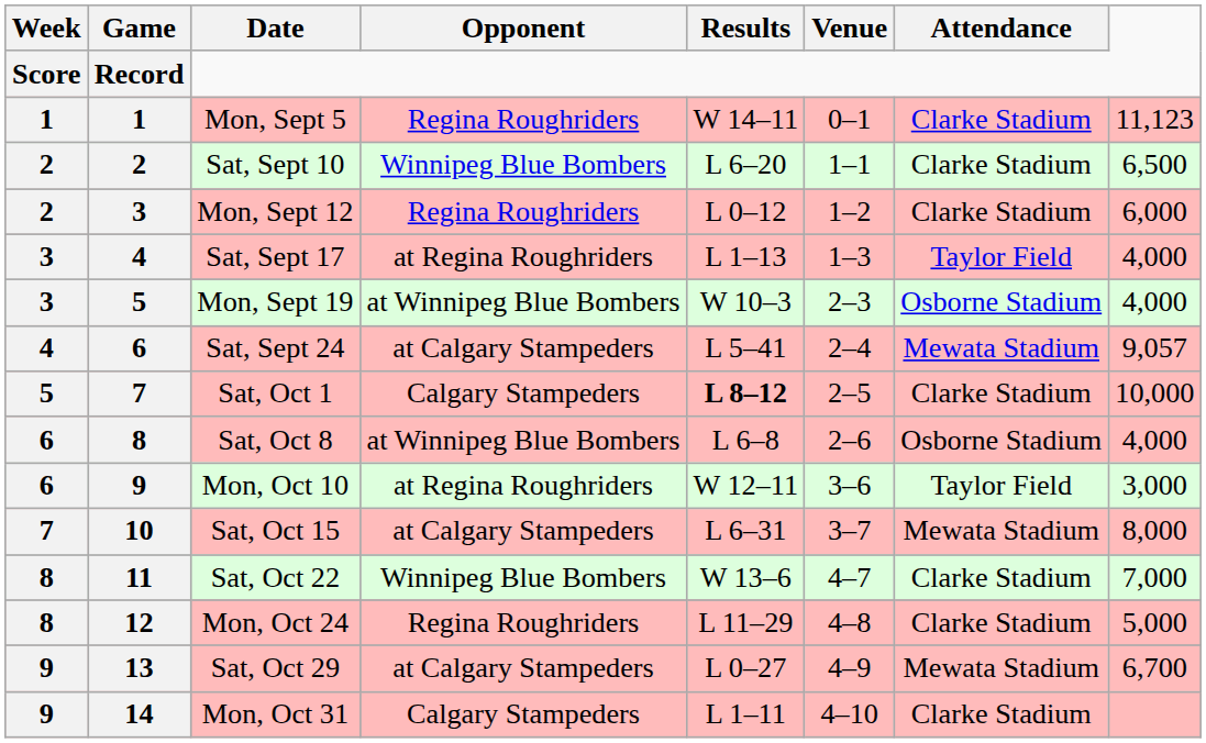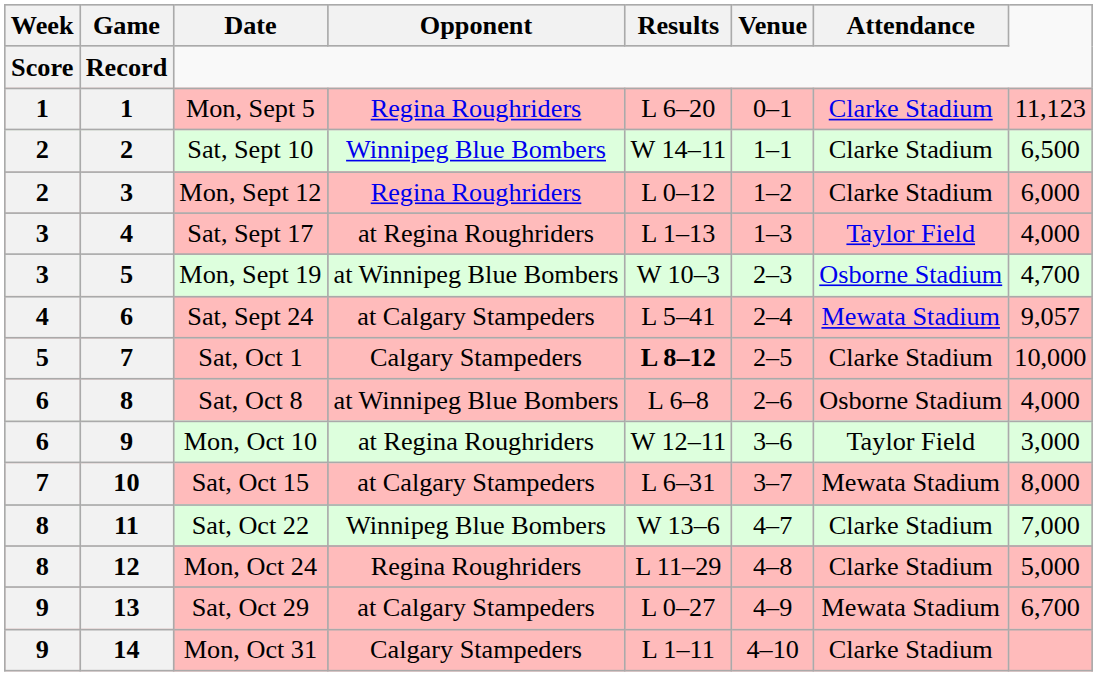 <table class="wikitable" style="text-align:center">
 <tr>
 <th>Week</th>
 <th>Game</th>
 <th>Date</th>
 <th>Opponent</th>
 <th>Results</th>
 <th>Venue</th>
 <th>Attendance</th>
 </tr>
 <tr>
 <th>Score</th>
 <th>Record</th>
 </tr>
 <tr style="background:#ffbbbb">
 <th>1</th>
 <th>1</th>
 <td>Mon, Sept 5</td>
 <td><a href='#'>Regina Roughriders</a></td>
-<td>W 14–11</td>
+<td>L 6–20</td>
 <td>0–1</td>
 <td><a href='#'>Clarke Stadium</a></td>
 <td>11,123</td>
 </tr>
 <tr style="background:#ddffdd">
 <th>2</th>
 <th>2</th>
 <td>Sat, Sept 10</td>
 <td><a href='#'>Winnipeg Blue Bombers</a></td>
-<td>L 6–20</td>
+<td>W 14–11</td>
 <td>1–1</td>
 <td>Clarke Stadium</td>
 <td>6,500</td>
 </tr>
 <tr style="background:#ffbbbb">
 <th>2</th>
 <th>3</th>
 <td>Mon, Sept 12</td>
 <td><a href='#'>Regina Roughriders</a></td>
 <td>L 0–12</td>
 <td>1–2</td>
 <td>Clarke Stadium</td>
 <td>6,000</td>
 </tr>
 <tr style="background:#ffbbbb">
 <th>3</th>
 <th>4</th>
 <td>Sat, Sept 17</td>
 <td>at Regina Roughriders</td>
 <td>L 1–13</td>
 <td>1–3</td>
 <td><a href='#'>Taylor Field</a></td>
 <td>4,000</td>
 </tr>
 <tr style="background:#ddffdd">
 <th>3</th>
 <th>5</th>
 <td>Mon, Sept 19</td>
 <td>at Winnipeg Blue Bombers</td>
 <td>W 10–3</td>
 <td>2–3</td>
 <td><a href='#'>Osborne Stadium</a></td>
-<td>4,000</td>
+<td>4,700</td>
 </tr>
 <tr style="background:#ffbbbb">
 <th>4</th>
 <th>6</th>
 <td>Sat, Sept 24</td>
 <td>at Calgary Stampeders</td>
 <td>L 5–41</td>
 <td>2–4</td>
 <td><a href='#'>Mewata Stadium</a></td>
 <td>9,057</td>
 </tr>
 <tr style="background:#ffbbbb">
 <th>5</th>
 <th>7</th>
 <td>Sat, Oct 1</td>
 <td>Calgary Stampeders</td>
 <td><strong>L 8–12</strong></td>
 <td>2–5</td>
 <td>Clarke Stadium</td>
 <td>10,000</td>
 </tr>
 <tr style="background:#ffbbbb">
 <th>6</th>
 <th>8</th>
 <td>Sat, Oct 8</td>
 <td>at Winnipeg Blue Bombers</td>
 <td>L 6–8</td>
 <td>2–6</td>
 <td>Osborne Stadium</td>
 <td>4,000</td>
 </tr>
 <tr style="background:#ddffdd">
 <th>6</th>
 <th>9</th>
 <td>Mon, Oct 10</td>
 <td>at Regina Roughriders</td>
 <td>W 12–11</td>
 <td>3–6</td>
 <td>Taylor Field</td>
 <td>3,000</td>
 </tr>
 <tr style="background:#ffbbbb">
 <th>7</th>
 <th>10</th>
 <td>Sat, Oct 15</td>
 <td>at Calgary Stampeders</td>
 <td>L 6–31</td>
 <td>3–7</td>
 <td>Mewata Stadium</td>
 <td>8,000</td>
 </tr>
 <tr style="background:#ddffdd">
 <th>8</th>
 <th>11</th>
 <td>Sat, Oct 22</td>
 <td>Winnipeg Blue Bombers</td>
 <td>W 13–6</td>
 <td>4–7</td>
 <td>Clarke Stadium</td>
 <td>7,000</td>
 </tr>
 <tr style="background:#ffbbbb">
 <th>8</th>
 <th>12</th>
 <td>Mon, Oct 24</td>
 <td>Regina Roughriders</td>
 <td>L 11–29</td>
 <td>4–8</td>
 <td>Clarke Stadium</td>
 <td>5,000</td>
 </tr>
 <tr style="background:#ffbbbb">
 <th>9</th>
 <th>13</th>
 <td>Sat, Oct 29</td>
 <td>at Calgary Stampeders</td>
 <td>L 0–27</td>
 <td>4–9</td>
 <td>Mewata Stadium</td>
 <td>6,700</td>
 </tr>
 <tr style="background:#ffbbbb">
 <th>9</th>
 <th>14</th>
 <td>Mon, Oct 31</td>
 <td>Calgary Stampeders</td>
 <td>L 1–11</td>
 <td>4–10</td>
 <td>Clarke Stadium</td>
 <td></td>
 </tr>
 </table>
